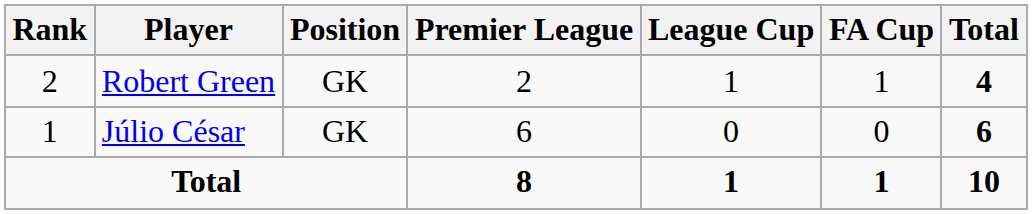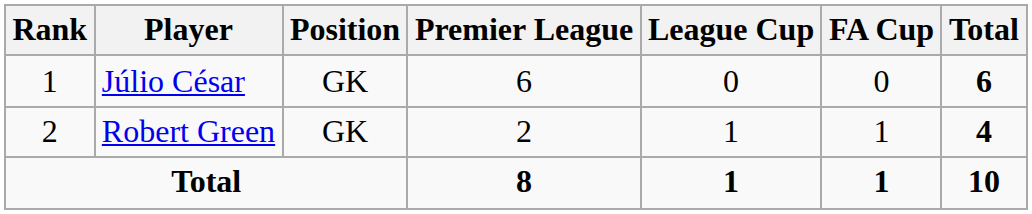 <table class="wikitable">
 <tr>
 <th>Rank</th>
 <th>Player</th>
 <th>Position</th>
 <th>Premier League</th>
 <th>League Cup</th>
 <th>FA Cup</th>
 <th>Total</th>
 </tr>
 <tr>
+<td align=center>1</td>
+<td> <a href='#'>Júlio César</a></td>
+<td align=center>GK</td>
+<td align=center>6</td>
+<td align=center>0</td>
+<td align=center>0</td>
+<td align=center><strong>6</strong></td>
+</tr>
+<tr>
 <td align=center>2</td>
 <td> <a href='#'>Robert Green</a></td>
 <td align=center>GK</td>
 <td align=center>2</td>
 <td align=center>1</td>
 <td align=center>1</td>
 <td align=center><strong>4</strong></td>
-</tr>
-<tr>
-<td align=center>1</td>
-<td> <a href='#'>Júlio César</a></td>
-<td align=center>GK</td>
-<td align=center>6</td>
-<td align=center>0</td>
-<td align=center>0</td>
-<td align=center><strong>6</strong></td>
 </tr>
 <tr>
 <td colspan=3 align=center><strong>Total</strong></td>
 <td align=center><strong>8</strong></td>
 <td align=center><strong>1</strong></td>
 <td align=center><strong>1</strong></td>
 <td align=center><strong>10</strong></td>
 </tr>
 <tr>
 </tr>
 </table>
